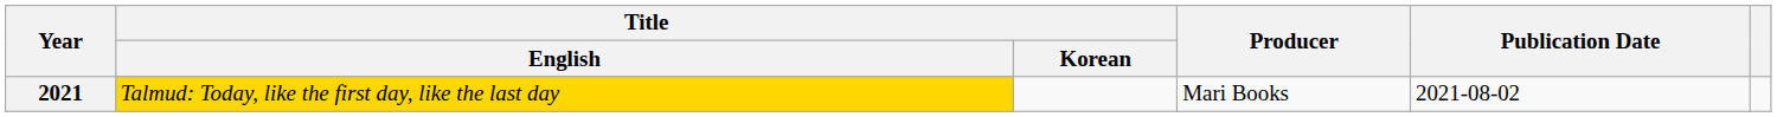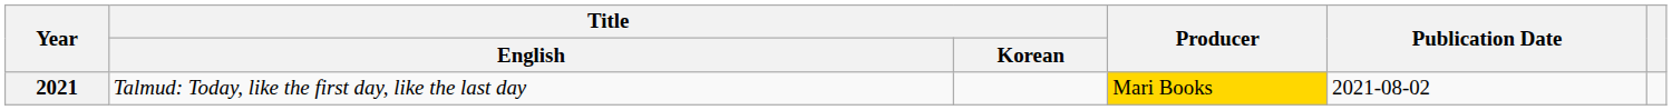 <table class="wikitable plainrowheaders" style="text-align:none; font-size:100%; padding:0 auto; width:100%; margin:auto">
 <tr>
 <th rowspan="2" scope="col">Year</th>
 <th colspan="2" scope="col">Title</th>
 <th rowspan="2" scope="col">Producer</th>
 <th rowspan="2">Publication Date</th>
 <th rowspan="2" scope="col" class="unsortable"></th>
 </tr>
 <tr>
 <th>English</th>
 <th>Korean</th>
 </tr>
 <tr>
 <th scope="row">2021</th>
-<td style="background: gold;"><em>Talmud: Today, like the first day, like the last day</em></td>
+<td><em>Talmud: Today, like the first day, like the last day</em></td>
 <td></td>
-<td>Mari Books</td>
+<td style="background: gold;">Mari Books</td>
 <td>2021-08-02</td>
 <td></td>
 </tr>
 </table>
